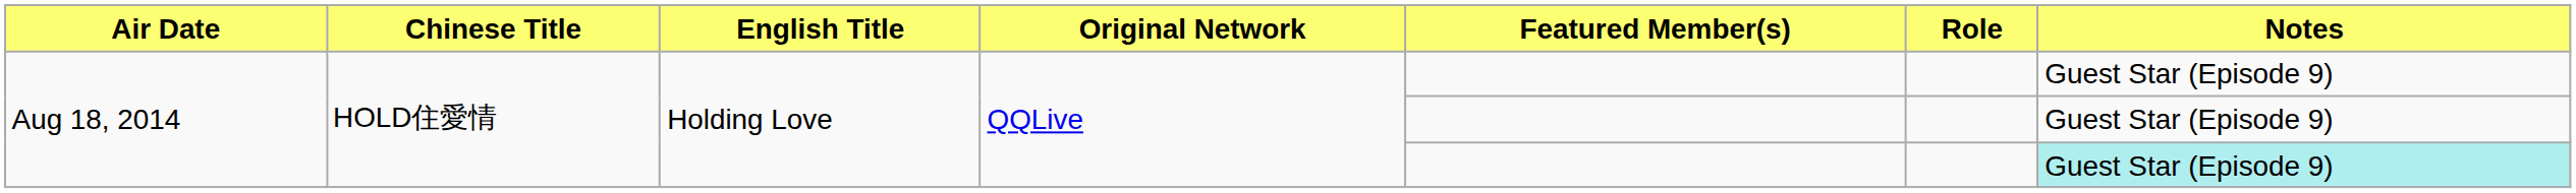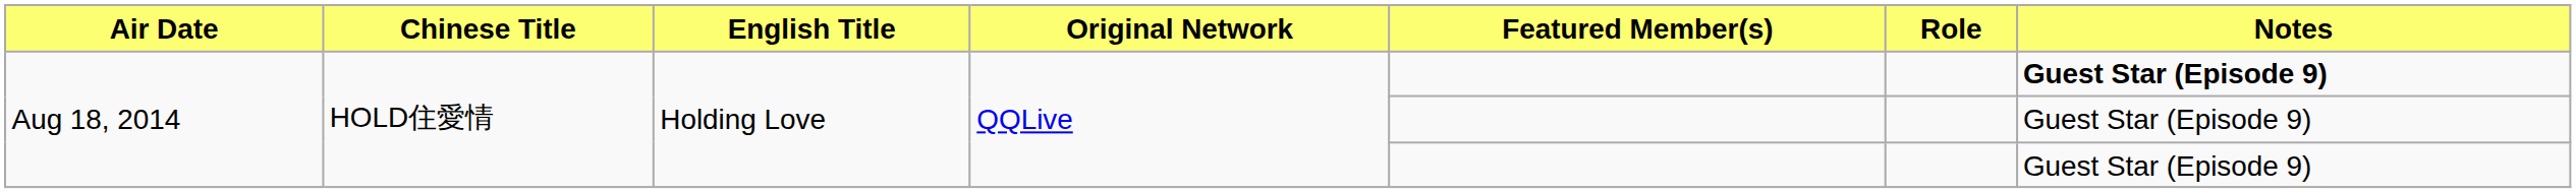 <table class="wikitable" style="font-size:14px" text-align="center" width="80%">
 <tr>
 <th style="background: #FDFF73"><strong>Air Date</strong></th>
 <th style="background: #FDFF73"><strong>Chinese Title</strong></th>
 <th style="background: #FDFF73"><strong>English Title</strong></th>
 <th style="background: #FDFF73"><strong>Original Network</strong></th>
 <th style="background: #FDFF73"><strong>Featured Member(s)</strong></th>
 <th style="background: #FDFF73"><strong>Role</strong></th>
 <th style="background: #FDFF73"><strong>Notes</strong></th>
 </tr>
 <tr>
 <td rowspan="3">Aug 18, 2014</td>
 <td rowspan="3">HOLD住愛情</td>
 <td rowspan="3">Holding Love</td>
 <td rowspan="3"><a href='#'>QQLive</a></td>
 <td></td>
 <td></td>
-<td>Guest Star (Episode 9)</td>
+<td><strong>Guest Star (Episode 9)</strong></td>
 </tr>
 <tr>
 <td></td>
 <td></td>
 <td>Guest Star (Episode 9)</td>
 </tr>
 <tr>
 <td></td>
 <td></td>
-<td style="background: paleturquoise;">Guest Star (Episode 9)</td>
+<td>Guest Star (Episode 9)</td>
 </tr>
 </table>
